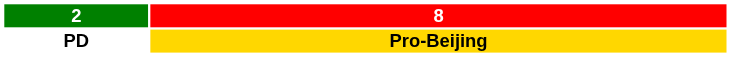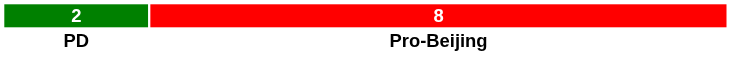 <table style="width:50%; text-align:center;">
 <tr style="color:white;">
 <td style="background:green; width:20%;"><strong>2</strong></td>
 <td style="background:red; width:80%;"><strong>8</strong></td>
 </tr>
 <tr>
 <td><span><strong>PD</strong></span></td>
-<td style="background: gold;"><span><strong>Pro-Beijing</strong></span></td>
+<td><span><strong>Pro-Beijing</strong></span></td>
 </tr>
 </table>
